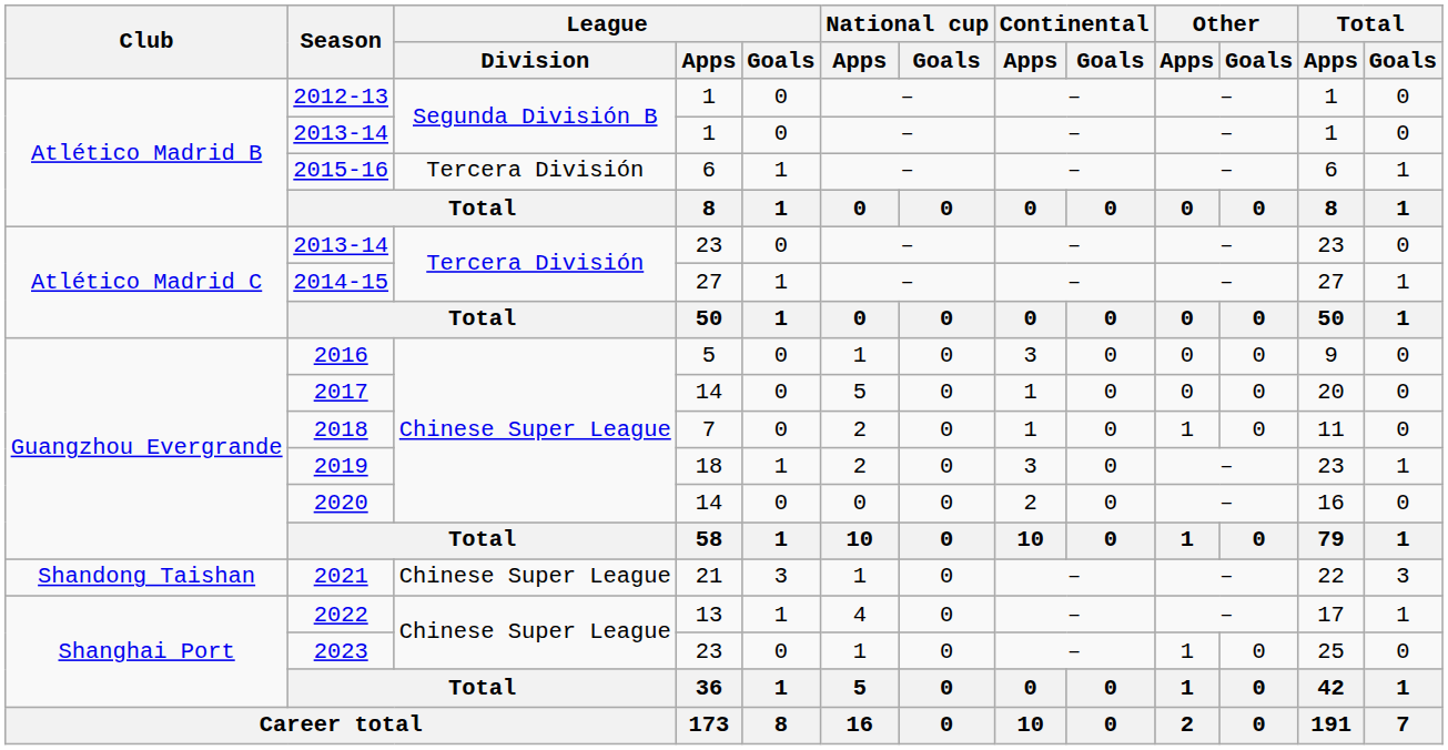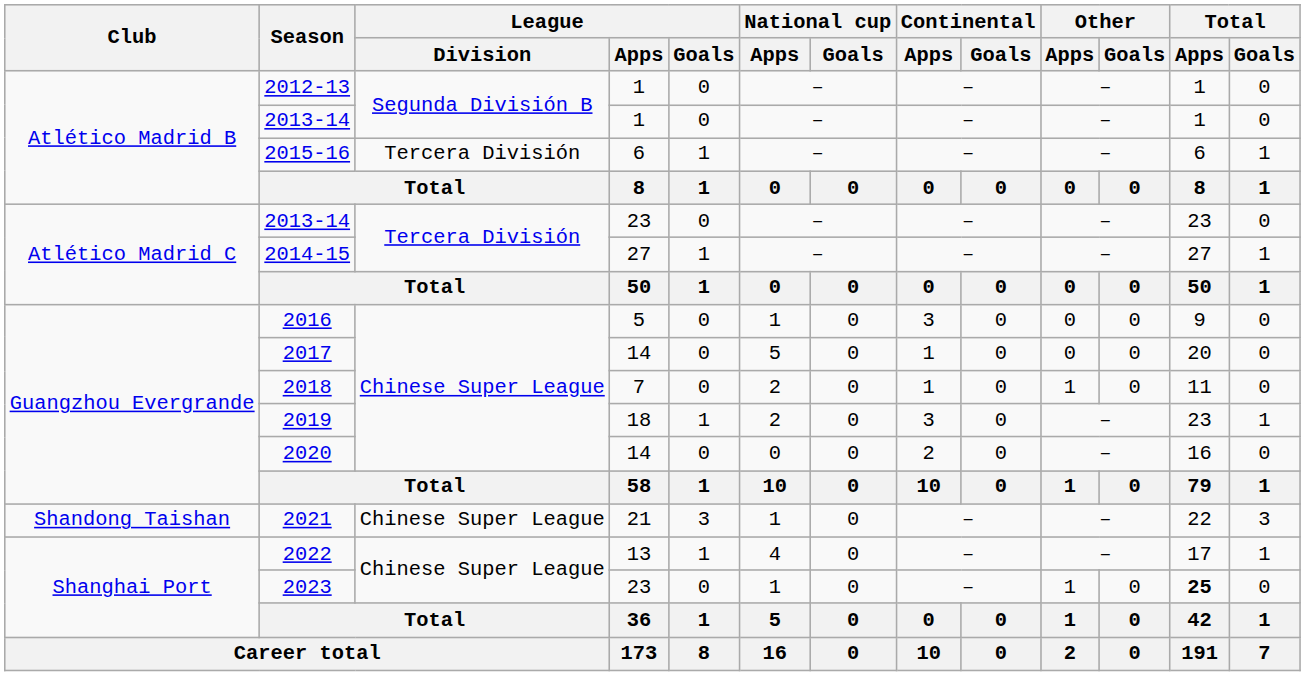 <table class="wikitable" style="text-align: center">
 <tr>
 <th rowspan="2">Club</th>
 <th rowspan="2">Season</th>
 <th colspan="3">League</th>
 <th colspan="2">National cup</th>
 <th colspan="2">Continental</th>
 <th colspan="2">Other</th>
 <th colspan="2">Total</th>
 </tr>
 <tr>
 <th>Division</th>
 <th>Apps</th>
 <th>Goals</th>
 <th>Apps</th>
 <th>Goals</th>
 <th>Apps</th>
 <th>Goals</th>
 <th>Apps</th>
 <th>Goals</th>
 <th>Apps</th>
 <th>Goals</th>
 </tr>
 <tr>
 <td rowspan=4><a href='#'>Atlético Madrid B</a></td>
 <td><a href='#'>2012-13</a></td>
 <td rowspan="2"><a href='#'>Segunda División B</a></td>
 <td>1</td>
 <td>0</td>
 <td colspan="2">–</td>
 <td colspan="2">–</td>
 <td colspan="2">–</td>
 <td>1</td>
 <td>0</td>
 </tr>
 <tr>
 <td><a href='#'>2013-14</a></td>
 <td>1</td>
 <td>0</td>
 <td colspan="2">–</td>
 <td colspan="2">–</td>
 <td colspan="2">–</td>
 <td>1</td>
 <td>0</td>
 </tr>
 <tr>
 <td><a href='#'>2015-16</a></td>
 <td>Tercera División</td>
 <td>6</td>
 <td>1</td>
 <td colspan="2">–</td>
 <td colspan="2">–</td>
 <td colspan="2">–</td>
 <td>6</td>
 <td>1</td>
 </tr>
 <tr>
 <th colspan="2">Total</th>
 <th>8</th>
 <th>1</th>
 <th>0</th>
 <th>0</th>
 <th>0</th>
 <th>0</th>
 <th>0</th>
 <th>0</th>
 <th>8</th>
 <th>1</th>
 </tr>
 <tr>
 <td rowspan="3"><a href='#'>Atlético Madrid C</a></td>
 <td><a href='#'>2013-14</a></td>
 <td rowspan="2"><a href='#'>Tercera División</a></td>
 <td>23</td>
 <td>0</td>
 <td colspan="2">–</td>
 <td colspan="2">–</td>
 <td colspan="2">–</td>
 <td>23</td>
 <td>0</td>
 </tr>
 <tr>
 <td><a href='#'>2014-15</a></td>
 <td>27</td>
 <td>1</td>
 <td colspan="2">–</td>
 <td colspan="2">–</td>
 <td colspan="2">–</td>
 <td>27</td>
 <td>1</td>
 </tr>
 <tr>
 <th colspan="2">Total</th>
 <th>50</th>
 <th>1</th>
 <th>0</th>
 <th>0</th>
 <th>0</th>
 <th>0</th>
 <th>0</th>
 <th>0</th>
 <th>50</th>
 <th>1</th>
 </tr>
 <tr>
 <td rowspan="6"><a href='#'>Guangzhou Evergrande</a></td>
 <td><a href='#'>2016</a></td>
 <td rowspan="5"><a href='#'>Chinese Super League</a></td>
 <td>5</td>
 <td>0</td>
 <td>1</td>
 <td>0</td>
 <td>3</td>
 <td>0</td>
 <td>0</td>
 <td>0</td>
 <td>9</td>
 <td>0</td>
 </tr>
 <tr>
 <td><a href='#'>2017</a></td>
 <td>14</td>
 <td>0</td>
 <td>5</td>
 <td>0</td>
 <td>1</td>
 <td>0</td>
 <td>0</td>
 <td>0</td>
 <td>20</td>
 <td>0</td>
 </tr>
 <tr>
 <td><a href='#'>2018</a></td>
 <td>7</td>
 <td>0</td>
 <td>2</td>
 <td>0</td>
 <td>1</td>
 <td>0</td>
 <td>1</td>
 <td>0</td>
 <td>11</td>
 <td>0</td>
 </tr>
 <tr>
 <td><a href='#'>2019</a></td>
 <td>18</td>
 <td>1</td>
 <td>2</td>
 <td>0</td>
 <td>3</td>
 <td>0</td>
 <td colspan="2">–</td>
 <td>23</td>
 <td>1</td>
 </tr>
 <tr>
 <td><a href='#'>2020</a></td>
 <td>14</td>
 <td>0</td>
 <td>0</td>
 <td>0</td>
 <td>2</td>
 <td>0</td>
 <td colspan="2">–</td>
 <td>16</td>
 <td>0</td>
 </tr>
 <tr>
 <th colspan="2">Total</th>
 <th>58</th>
 <th>1</th>
 <th>10</th>
 <th>0</th>
 <th>10</th>
 <th>0</th>
 <th>1</th>
 <th>0</th>
 <th>79</th>
 <th>1</th>
 </tr>
 <tr>
 <td><a href='#'>Shandong Taishan</a></td>
 <td><a href='#'>2021</a></td>
 <td>Chinese Super League</td>
 <td>21</td>
 <td>3</td>
 <td>1</td>
 <td>0</td>
 <td colspan="2">–</td>
 <td colspan="2">–</td>
 <td>22</td>
 <td>3</td>
 </tr>
 <tr>
 <td rowspan="3"><a href='#'>Shanghai Port</a></td>
 <td><a href='#'>2022</a></td>
 <td rowspan="2">Chinese Super League</td>
 <td>13</td>
 <td>1</td>
 <td>4</td>
 <td>0</td>
 <td colspan="2">–</td>
 <td colspan="2">–</td>
 <td>17</td>
 <td>1</td>
 </tr>
 <tr>
 <td><a href='#'>2023</a></td>
 <td>23</td>
 <td>0</td>
 <td>1</td>
 <td>0</td>
 <td colspan="2">–</td>
 <td>1</td>
 <td>0</td>
-<td>25</td>
+<td><strong>25</strong></td>
 <td>0</td>
 </tr>
 <tr>
 <th colspan="2">Total</th>
 <th>36</th>
 <th>1</th>
 <th>5</th>
 <th>0</th>
 <th>0</th>
 <th>0</th>
 <th>1</th>
 <th>0</th>
 <th>42</th>
 <th>1</th>
 </tr>
 <tr>
 <th colspan="3">Career total</th>
 <th>173</th>
 <th>8</th>
 <th>16</th>
 <th>0</th>
 <th>10</th>
 <th>0</th>
 <th>2</th>
 <th>0</th>
 <th>191</th>
 <th>7</th>
 </tr>
 </table>
